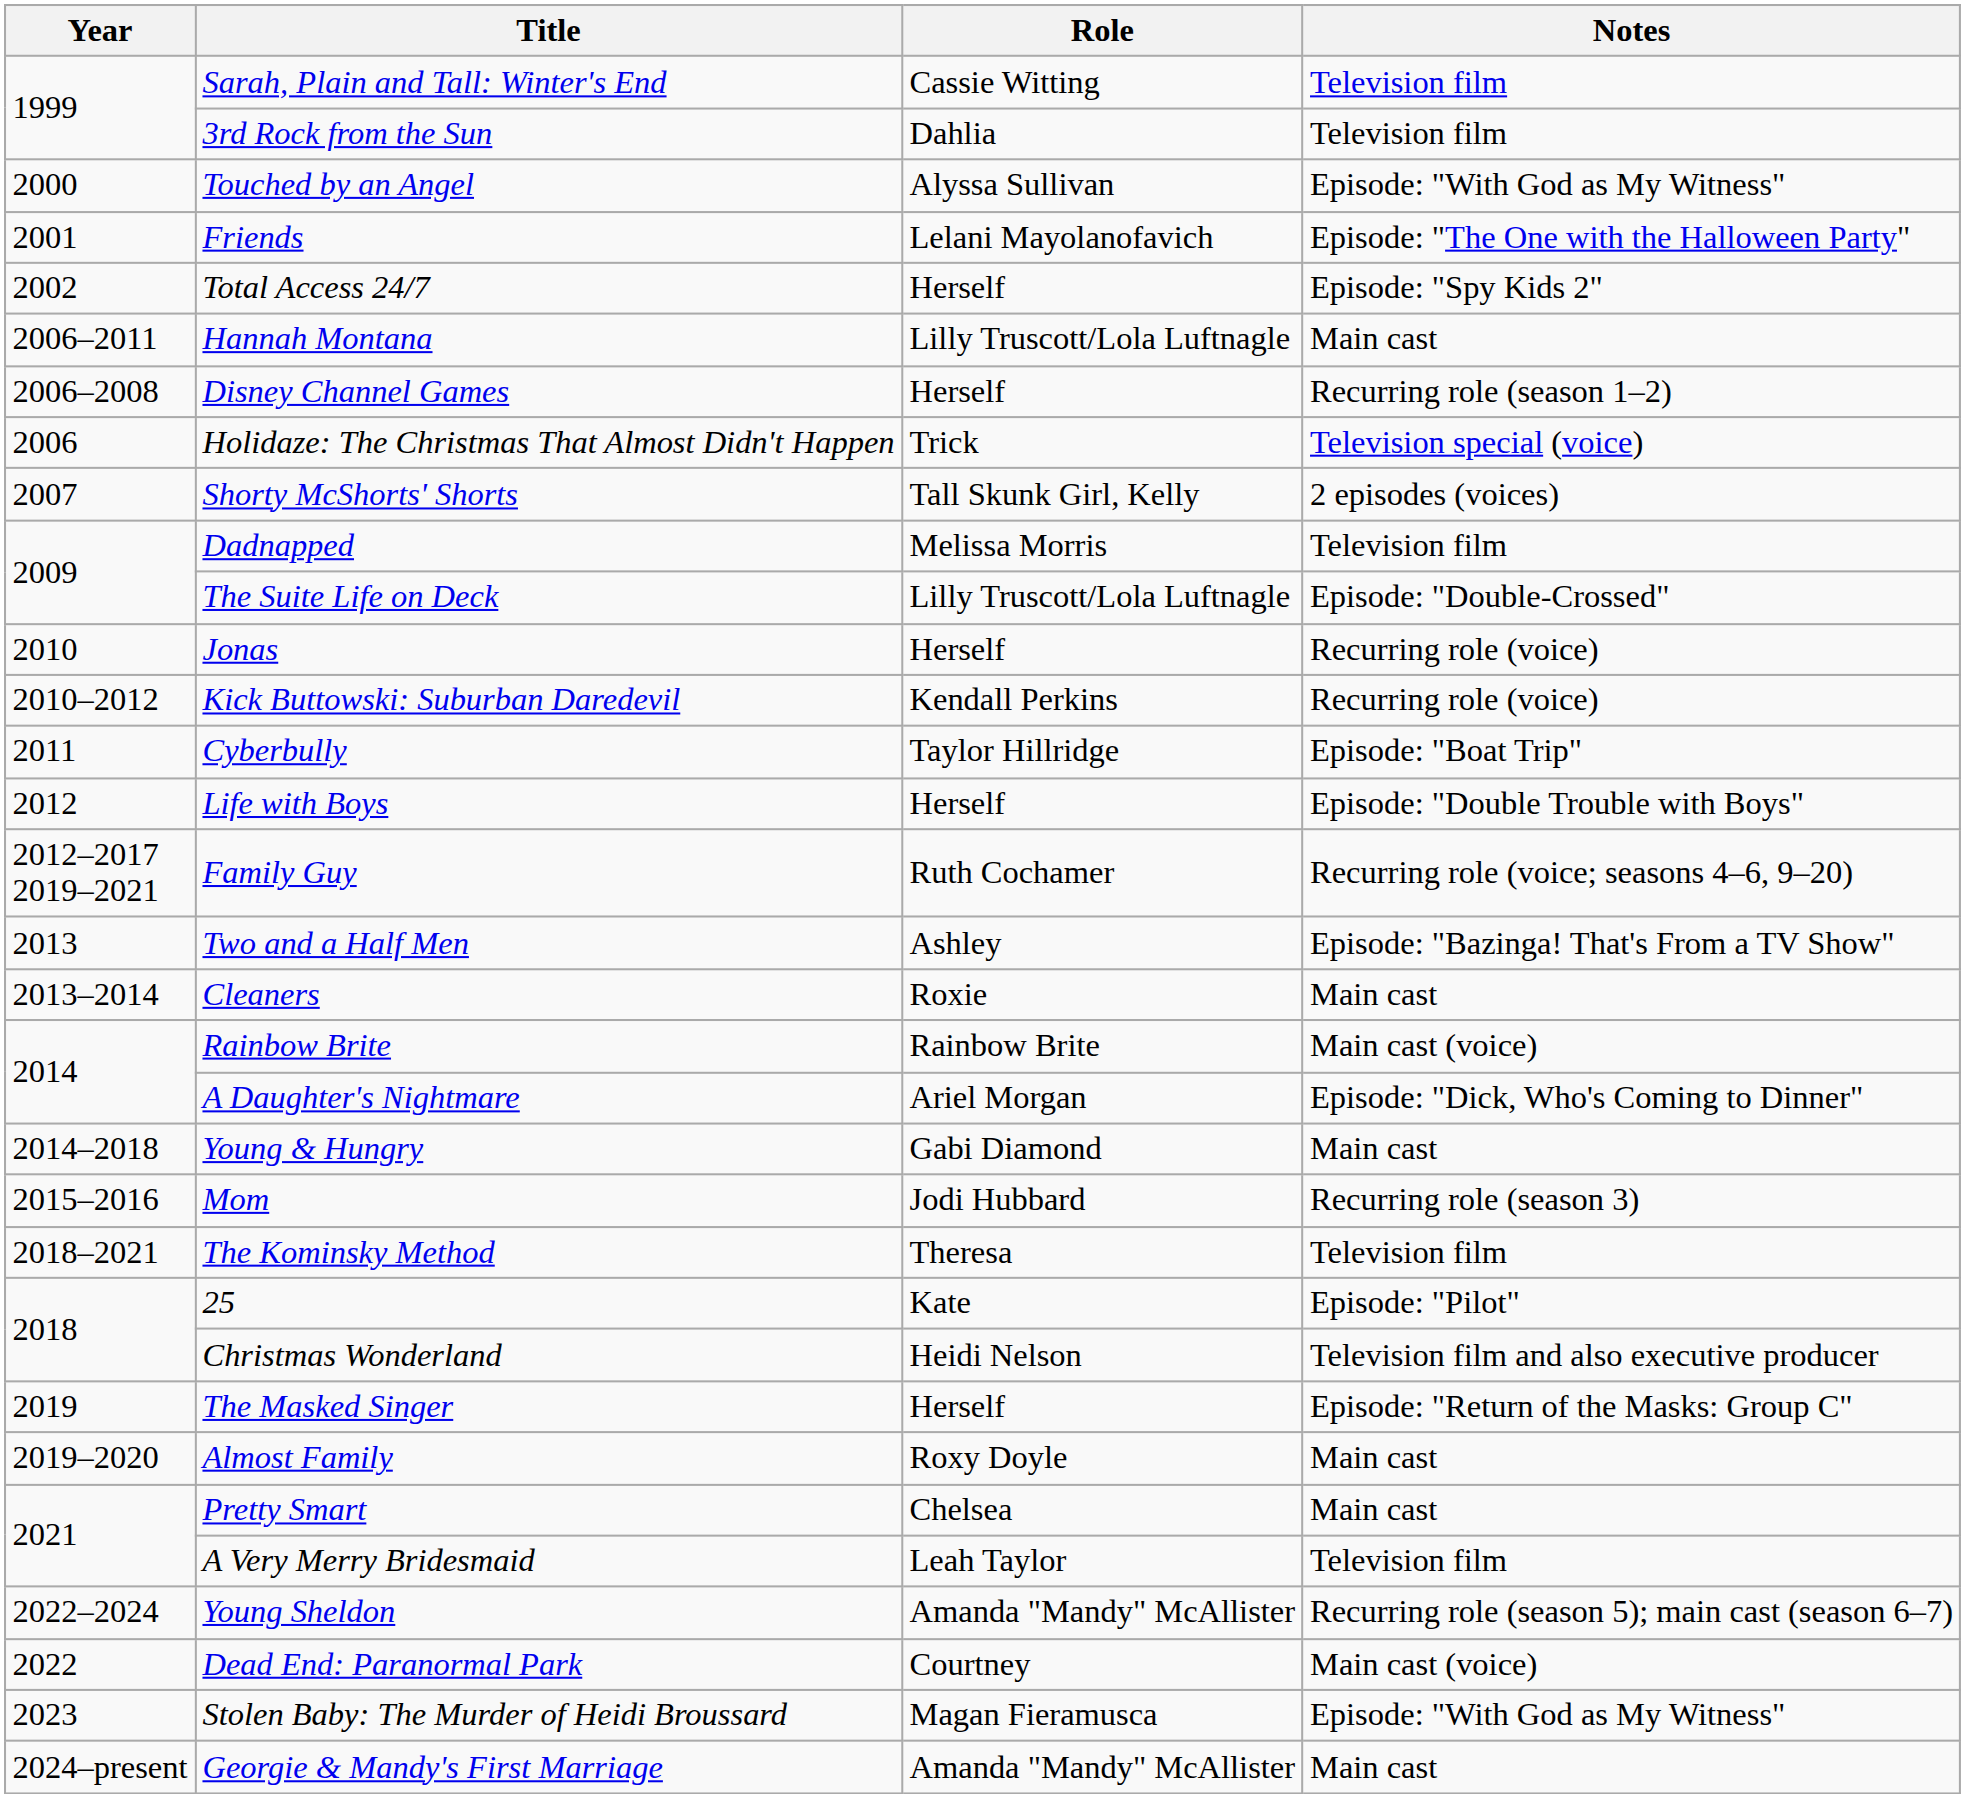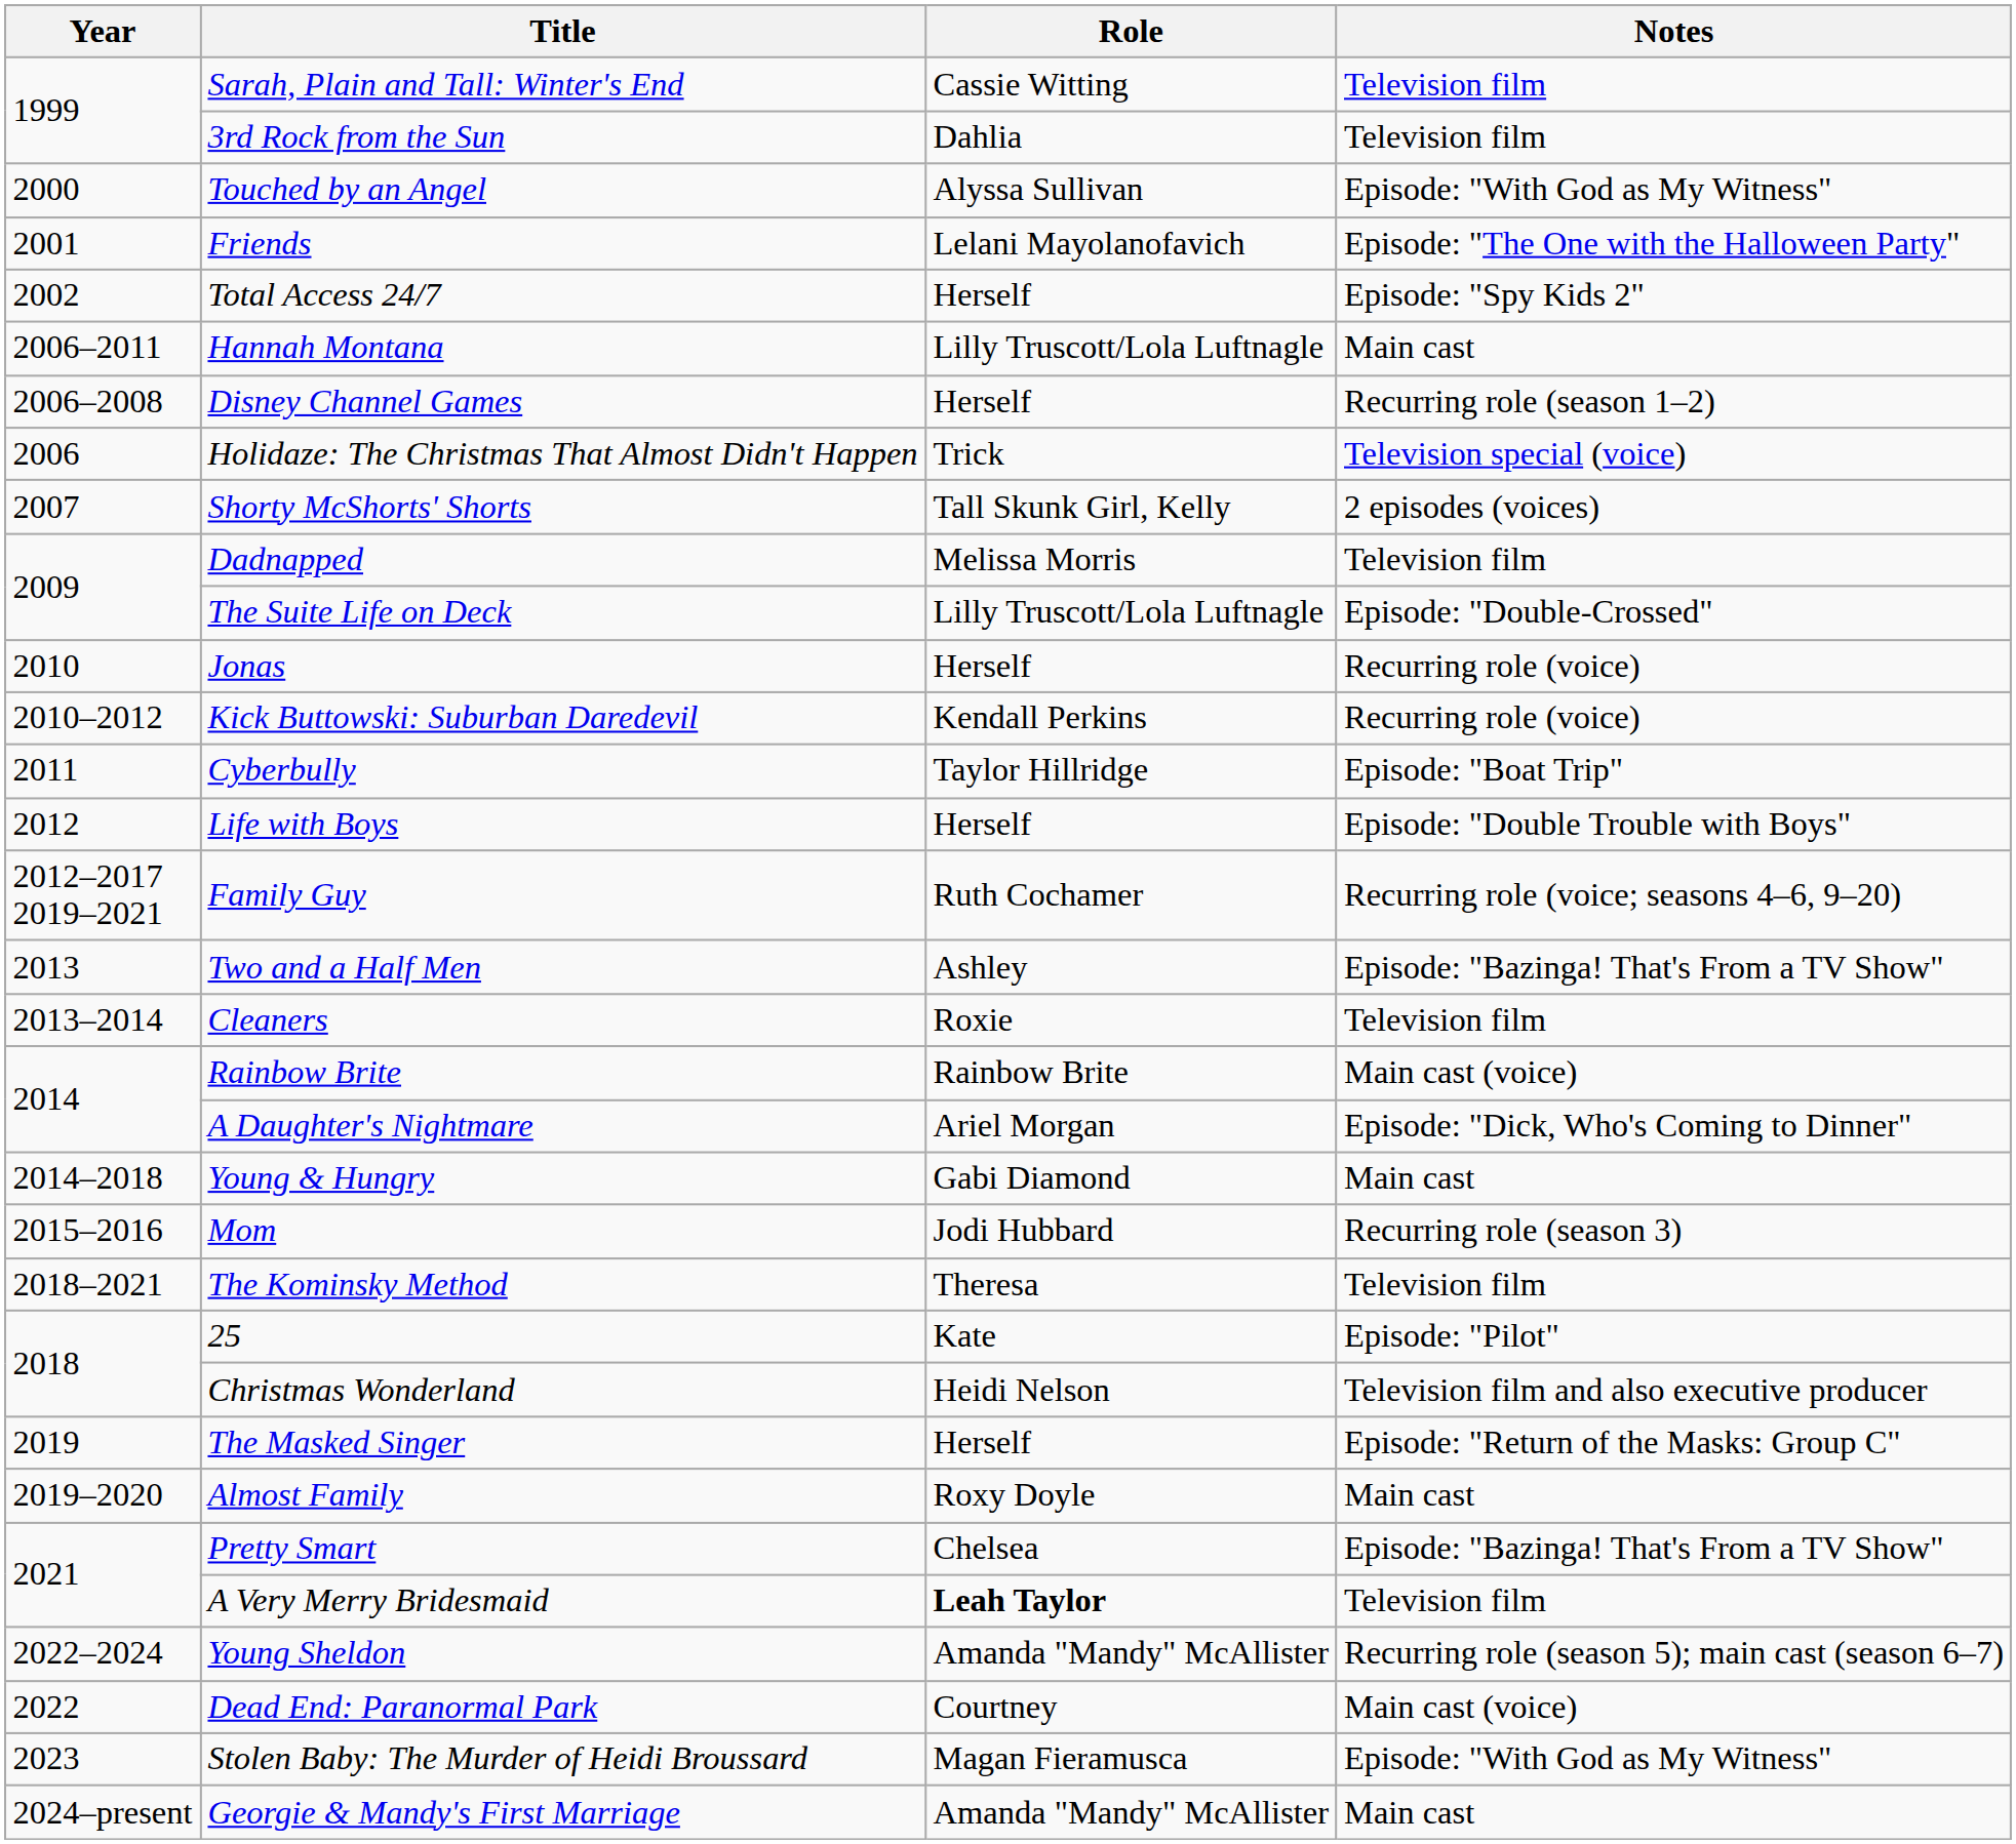 <table class="wikitable sortable">
 <tr>
 <th>Year</th>
 <th>Title</th>
 <th>Role</th>
 <th class="unsortable">Notes</th>
 </tr>
 <tr>
 <td rowspan="2">1999</td>
 <td><em><a href='#'>Sarah, Plain and Tall: Winter's End</a></em></td>
 <td>Cassie Witting</td>
 <td><a href='#'>Television film</a></td>
 </tr>
 <tr>
 <td><em><a href='#'>3rd Rock from the Sun</a></em></td>
 <td>Dahlia</td>
 <td>Television film</td>
 </tr>
 <tr>
 <td>2000</td>
 <td><em><a href='#'>Touched by an Angel</a></em></td>
 <td>Alyssa Sullivan</td>
 <td>Episode: "With God as My Witness"</td>
 </tr>
 <tr>
 <td>2001</td>
 <td><em><a href='#'>Friends</a></em></td>
 <td>Lelani Mayolanofavich</td>
 <td>Episode: "<a href='#'>The One with the Halloween Party</a>"</td>
 </tr>
 <tr>
 <td>2002</td>
 <td><em>Total Access 24/7</em></td>
 <td>Herself</td>
 <td>Episode: "Spy Kids 2"</td>
 </tr>
 <tr>
 <td>2006–2011</td>
 <td><em><a href='#'>Hannah Montana</a></em></td>
 <td>Lilly Truscott/Lola Luftnagle</td>
 <td>Main cast</td>
 </tr>
 <tr>
 <td>2006–2008</td>
 <td><em><a href='#'>Disney Channel Games</a></em></td>
 <td>Herself</td>
 <td>Recurring role (season 1–2)</td>
 </tr>
 <tr>
 <td>2006</td>
 <td><em>Holidaze: The Christmas That Almost Didn't Happen</em></td>
 <td>Trick</td>
 <td><a href='#'>Television special</a> (<a href='#'>voice</a>)</td>
 </tr>
 <tr>
 <td>2007</td>
 <td><em><a href='#'>Shorty McShorts' Shorts</a></em></td>
 <td>Tall Skunk Girl, Kelly</td>
 <td>2 episodes (voices)</td>
 </tr>
 <tr>
 <td rowspan="2">2009</td>
 <td><em><a href='#'>Dadnapped</a></em></td>
 <td>Melissa Morris</td>
 <td>Television film</td>
 </tr>
 <tr>
 <td><em><a href='#'>The Suite Life on Deck</a></em></td>
 <td>Lilly Truscott/Lola Luftnagle</td>
 <td>Episode: "Double-Crossed"</td>
 </tr>
 <tr>
 <td>2010</td>
 <td><em><a href='#'>Jonas</a></em></td>
 <td>Herself</td>
 <td>Recurring role (voice)</td>
 </tr>
 <tr>
 <td>2010–2012</td>
 <td><em><a href='#'>Kick Buttowski: Suburban Daredevil</a></em></td>
 <td>Kendall Perkins</td>
 <td>Recurring role (voice)</td>
 </tr>
 <tr>
 <td>2011</td>
 <td><em><a href='#'>Cyberbully</a></em></td>
 <td>Taylor Hillridge</td>
 <td>Episode: "Boat Trip"</td>
 </tr>
 <tr>
 <td>2012</td>
 <td><em><a href='#'>Life with Boys</a></em></td>
 <td>Herself</td>
 <td>Episode: "Double Trouble with Boys"</td>
 </tr>
 <tr>
 <td>2012–2017<br>2019–2021</td>
 <td><em><a href='#'>Family Guy</a></em></td>
 <td>Ruth Cochamer</td>
 <td>Recurring role (voice; seasons 4–6, 9–20)</td>
 </tr>
 <tr>
 <td>2013</td>
 <td><em><a href='#'>Two and a Half Men</a></em></td>
 <td>Ashley</td>
 <td>Episode: "Bazinga! That's From a TV Show"</td>
 </tr>
 <tr>
 <td>2013–2014</td>
 <td><em><a href='#'>Cleaners</a></em></td>
 <td>Roxie</td>
-<td>Main cast</td>
+<td>Television film</td>
 </tr>
 <tr>
 <td rowspan="2">2014</td>
 <td><em><a href='#'>Rainbow Brite</a></em></td>
 <td>Rainbow Brite</td>
 <td>Main cast (voice)</td>
 </tr>
 <tr>
 <td><em><a href='#'>A Daughter's Nightmare</a></em></td>
 <td>Ariel Morgan</td>
 <td>Episode: "Dick, Who's Coming to Dinner"</td>
 </tr>
 <tr>
 <td>2014–2018</td>
 <td><em><a href='#'>Young & Hungry</a></em></td>
 <td>Gabi Diamond</td>
 <td>Main cast</td>
 </tr>
 <tr>
 <td>2015–2016</td>
 <td><em><a href='#'>Mom</a></em></td>
 <td>Jodi Hubbard</td>
 <td>Recurring role (season 3)</td>
 </tr>
 <tr>
 <td>2018–2021</td>
 <td><em><a href='#'>The Kominsky Method</a></em></td>
 <td>Theresa</td>
 <td>Television film</td>
 </tr>
 <tr>
 <td rowspan="2">2018</td>
 <td><em>25</em></td>
 <td>Kate</td>
 <td>Episode: "Pilot"</td>
 </tr>
 <tr>
 <td><em>Christmas Wonderland</em></td>
 <td>Heidi Nelson</td>
 <td>Television film and also executive producer</td>
 </tr>
 <tr>
 <td>2019</td>
 <td><a href='#'><em>The Masked Singer</em></a></td>
 <td>Herself</td>
 <td>Episode: "Return of the Masks: Group C"</td>
 </tr>
 <tr>
 <td>2019–2020</td>
 <td><em><a href='#'>Almost Family</a></em></td>
 <td>Roxy Doyle</td>
 <td>Main cast</td>
 </tr>
 <tr>
 <td rowspan="2">2021</td>
 <td><em><a href='#'>Pretty Smart</a></em></td>
 <td>Chelsea</td>
-<td>Main cast</td>
+<td>Episode: "Bazinga! That's From a TV Show"</td>
 </tr>
 <tr>
 <td><em>A Very Merry Bridesmaid</em></td>
-<td>Leah Taylor</td>
+<td><strong>Leah Taylor</strong></td>
 <td>Television film</td>
 </tr>
 <tr>
 <td>2022–2024</td>
 <td><em><a href='#'>Young Sheldon</a></em></td>
 <td>Amanda "Mandy" McAllister</td>
 <td>Recurring role (season 5); main cast (season 6–7)</td>
 </tr>
 <tr>
 <td>2022</td>
 <td><em><a href='#'>Dead End: Paranormal Park</a></em></td>
 <td>Courtney</td>
 <td>Main cast (voice)</td>
 </tr>
 <tr>
 <td>2023</td>
 <td><em>Stolen Baby: The Murder of Heidi Broussard</em></td>
 <td>Magan Fieramusca</td>
 <td>Episode: "With God as My Witness"</td>
 </tr>
 <tr>
 <td>2024–present</td>
 <td><em><a href='#'>Georgie & Mandy's First Marriage</a></em></td>
 <td>Amanda "Mandy" McAllister</td>
 <td>Main cast</td>
 </tr>
 </table>
